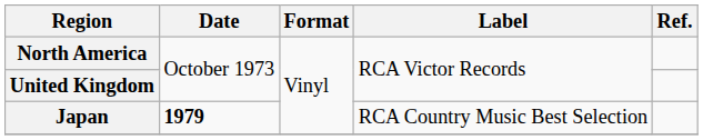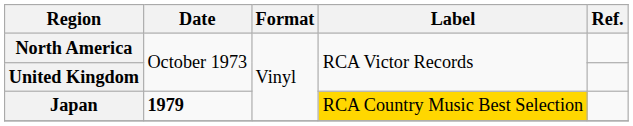 <table class="wikitable plainrowheaders">
 <tr>
 <th scope="col">Region</th>
 <th scope="col">Date</th>
 <th scope="col">Format</th>
 <th scope="col">Label</th>
 <th scope="col">Ref.</th>
 </tr>
 <tr>
 <th scope="row">North America</th>
 <td rowspan="2">October 1973</td>
 <td rowspan="3">Vinyl</td>
 <td rowspan="2">RCA Victor Records</td>
 <td></td>
 </tr>
 <tr>
 <th scope="row">United Kingdom</th>
 <td></td>
 </tr>
 <tr>
 <th scope="row">Japan</th>
 <td><strong>1979</strong></td>
-<td>RCA Country Music Best Selection</td>
+<td style="background: gold;">RCA Country Music Best Selection</td>
 <td></td>
 </tr>
 <tr>
 </tr>
 </table>
